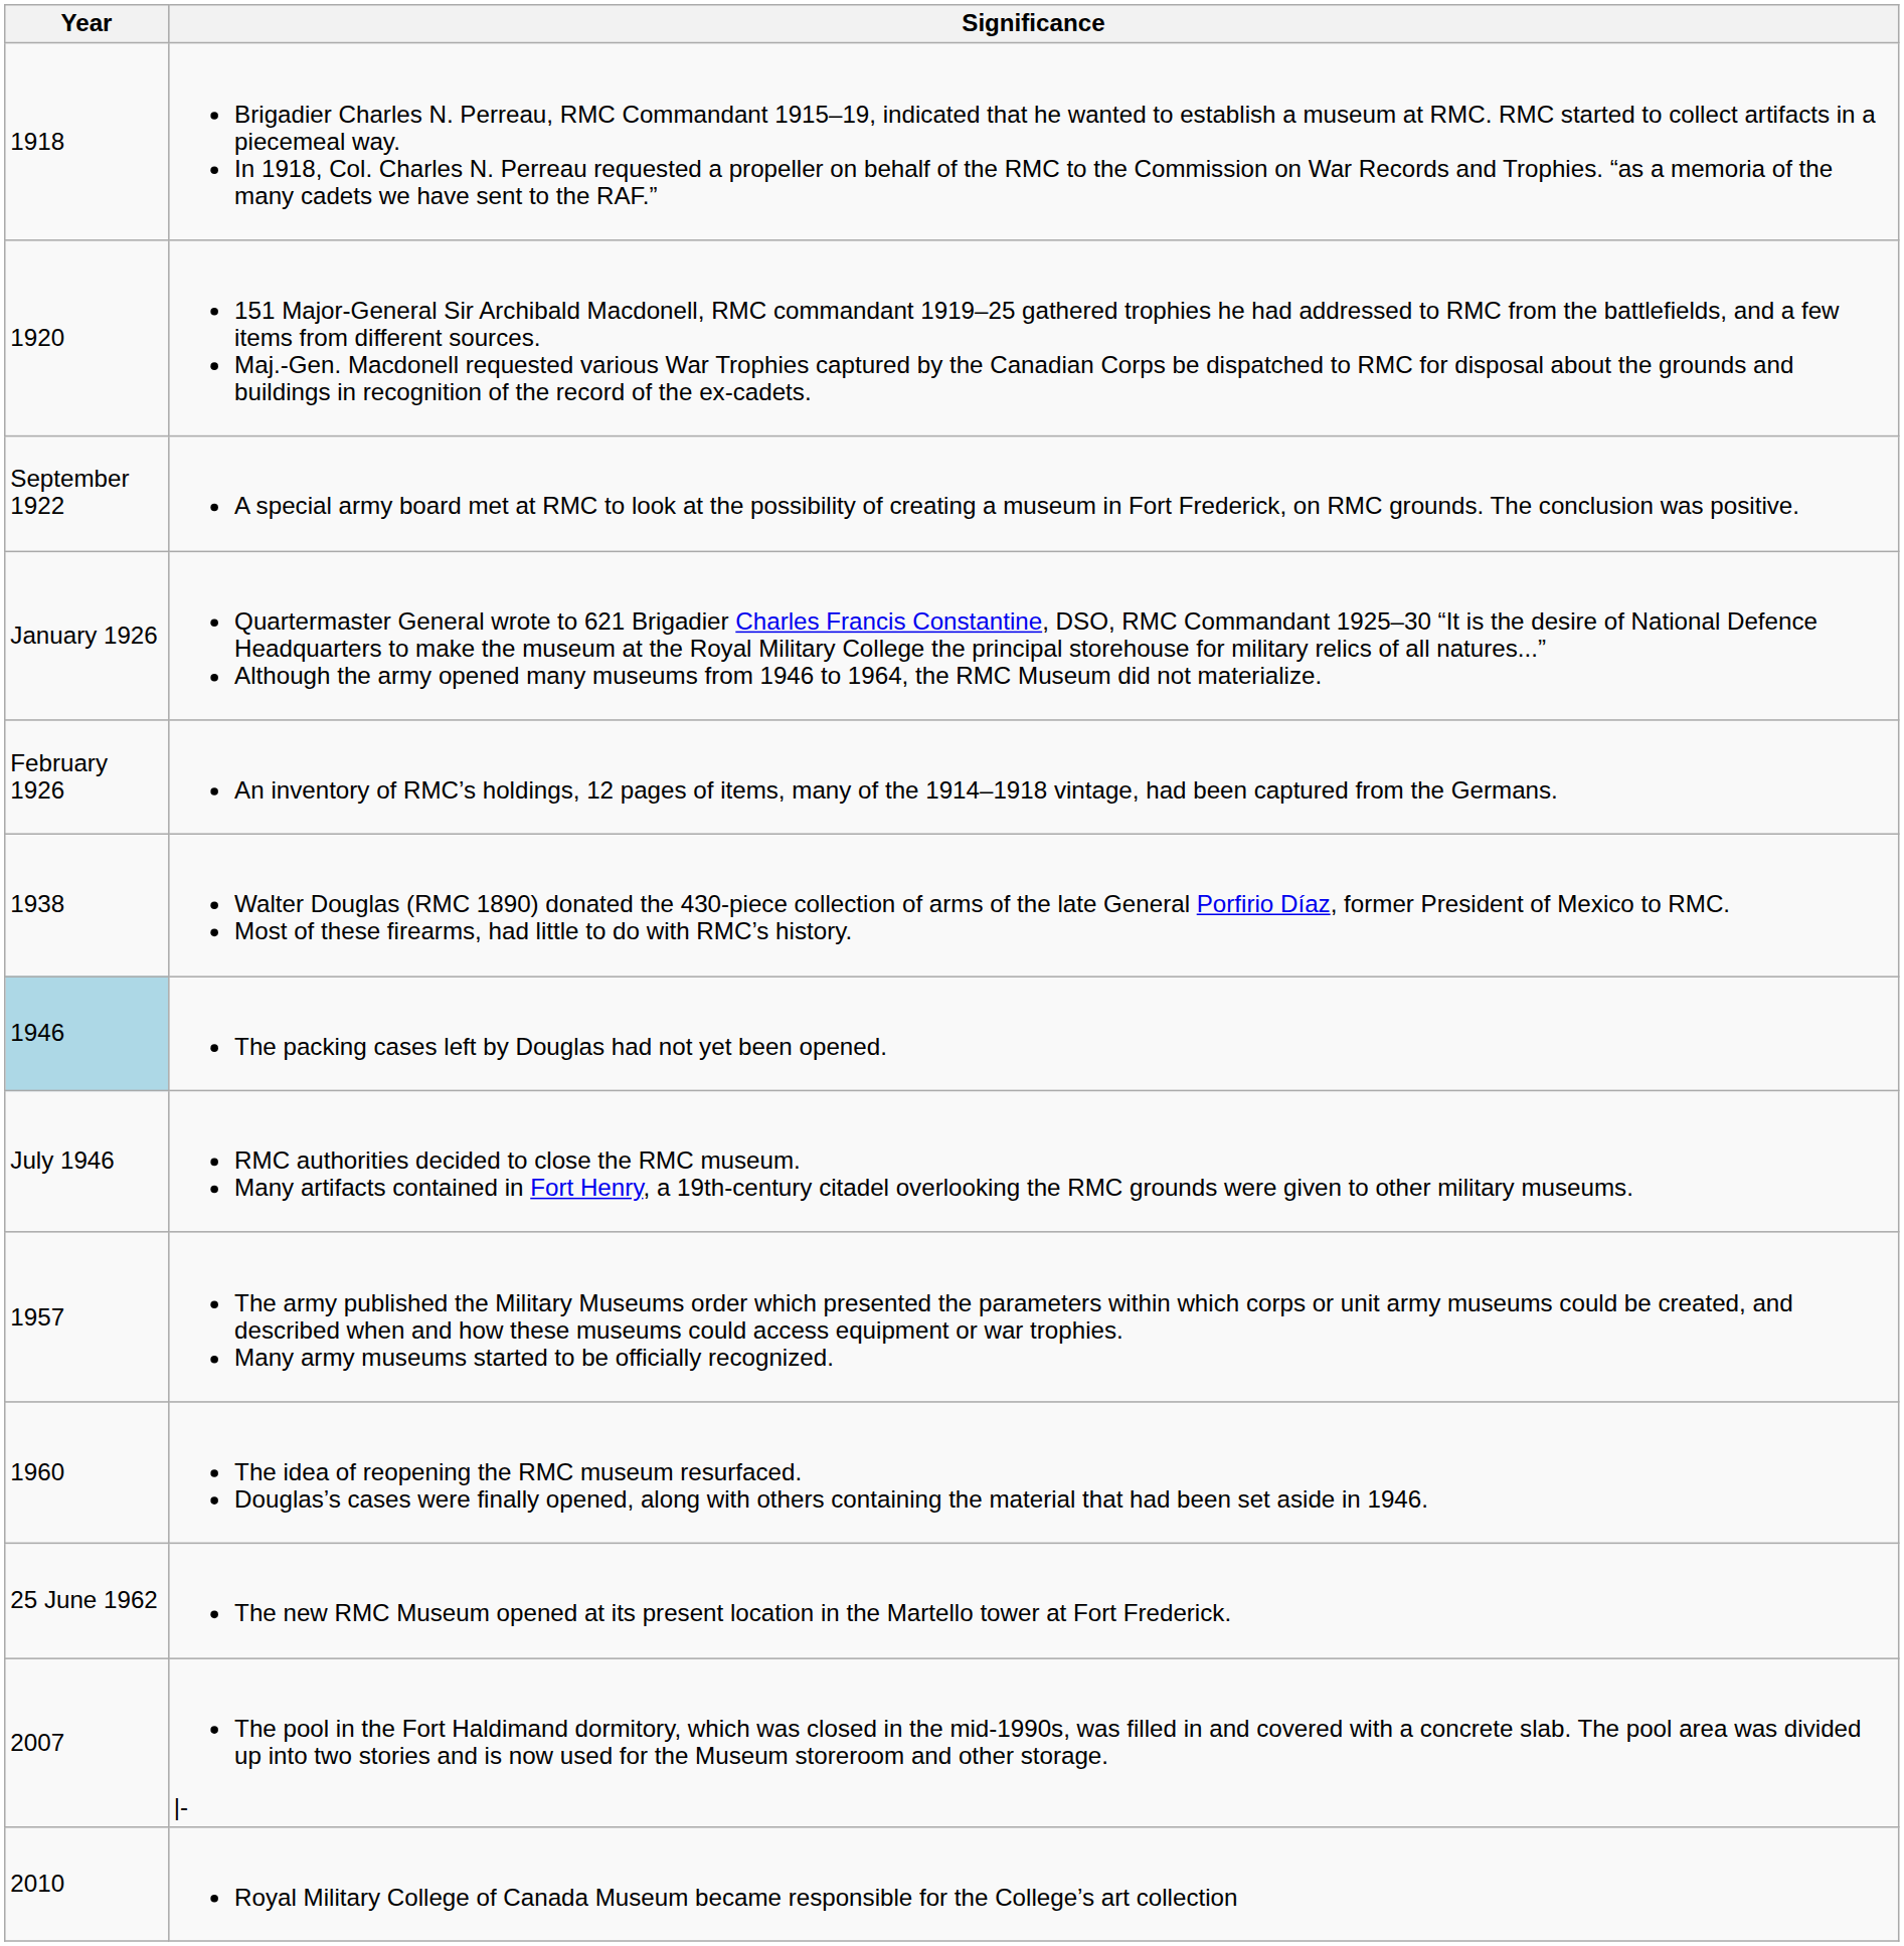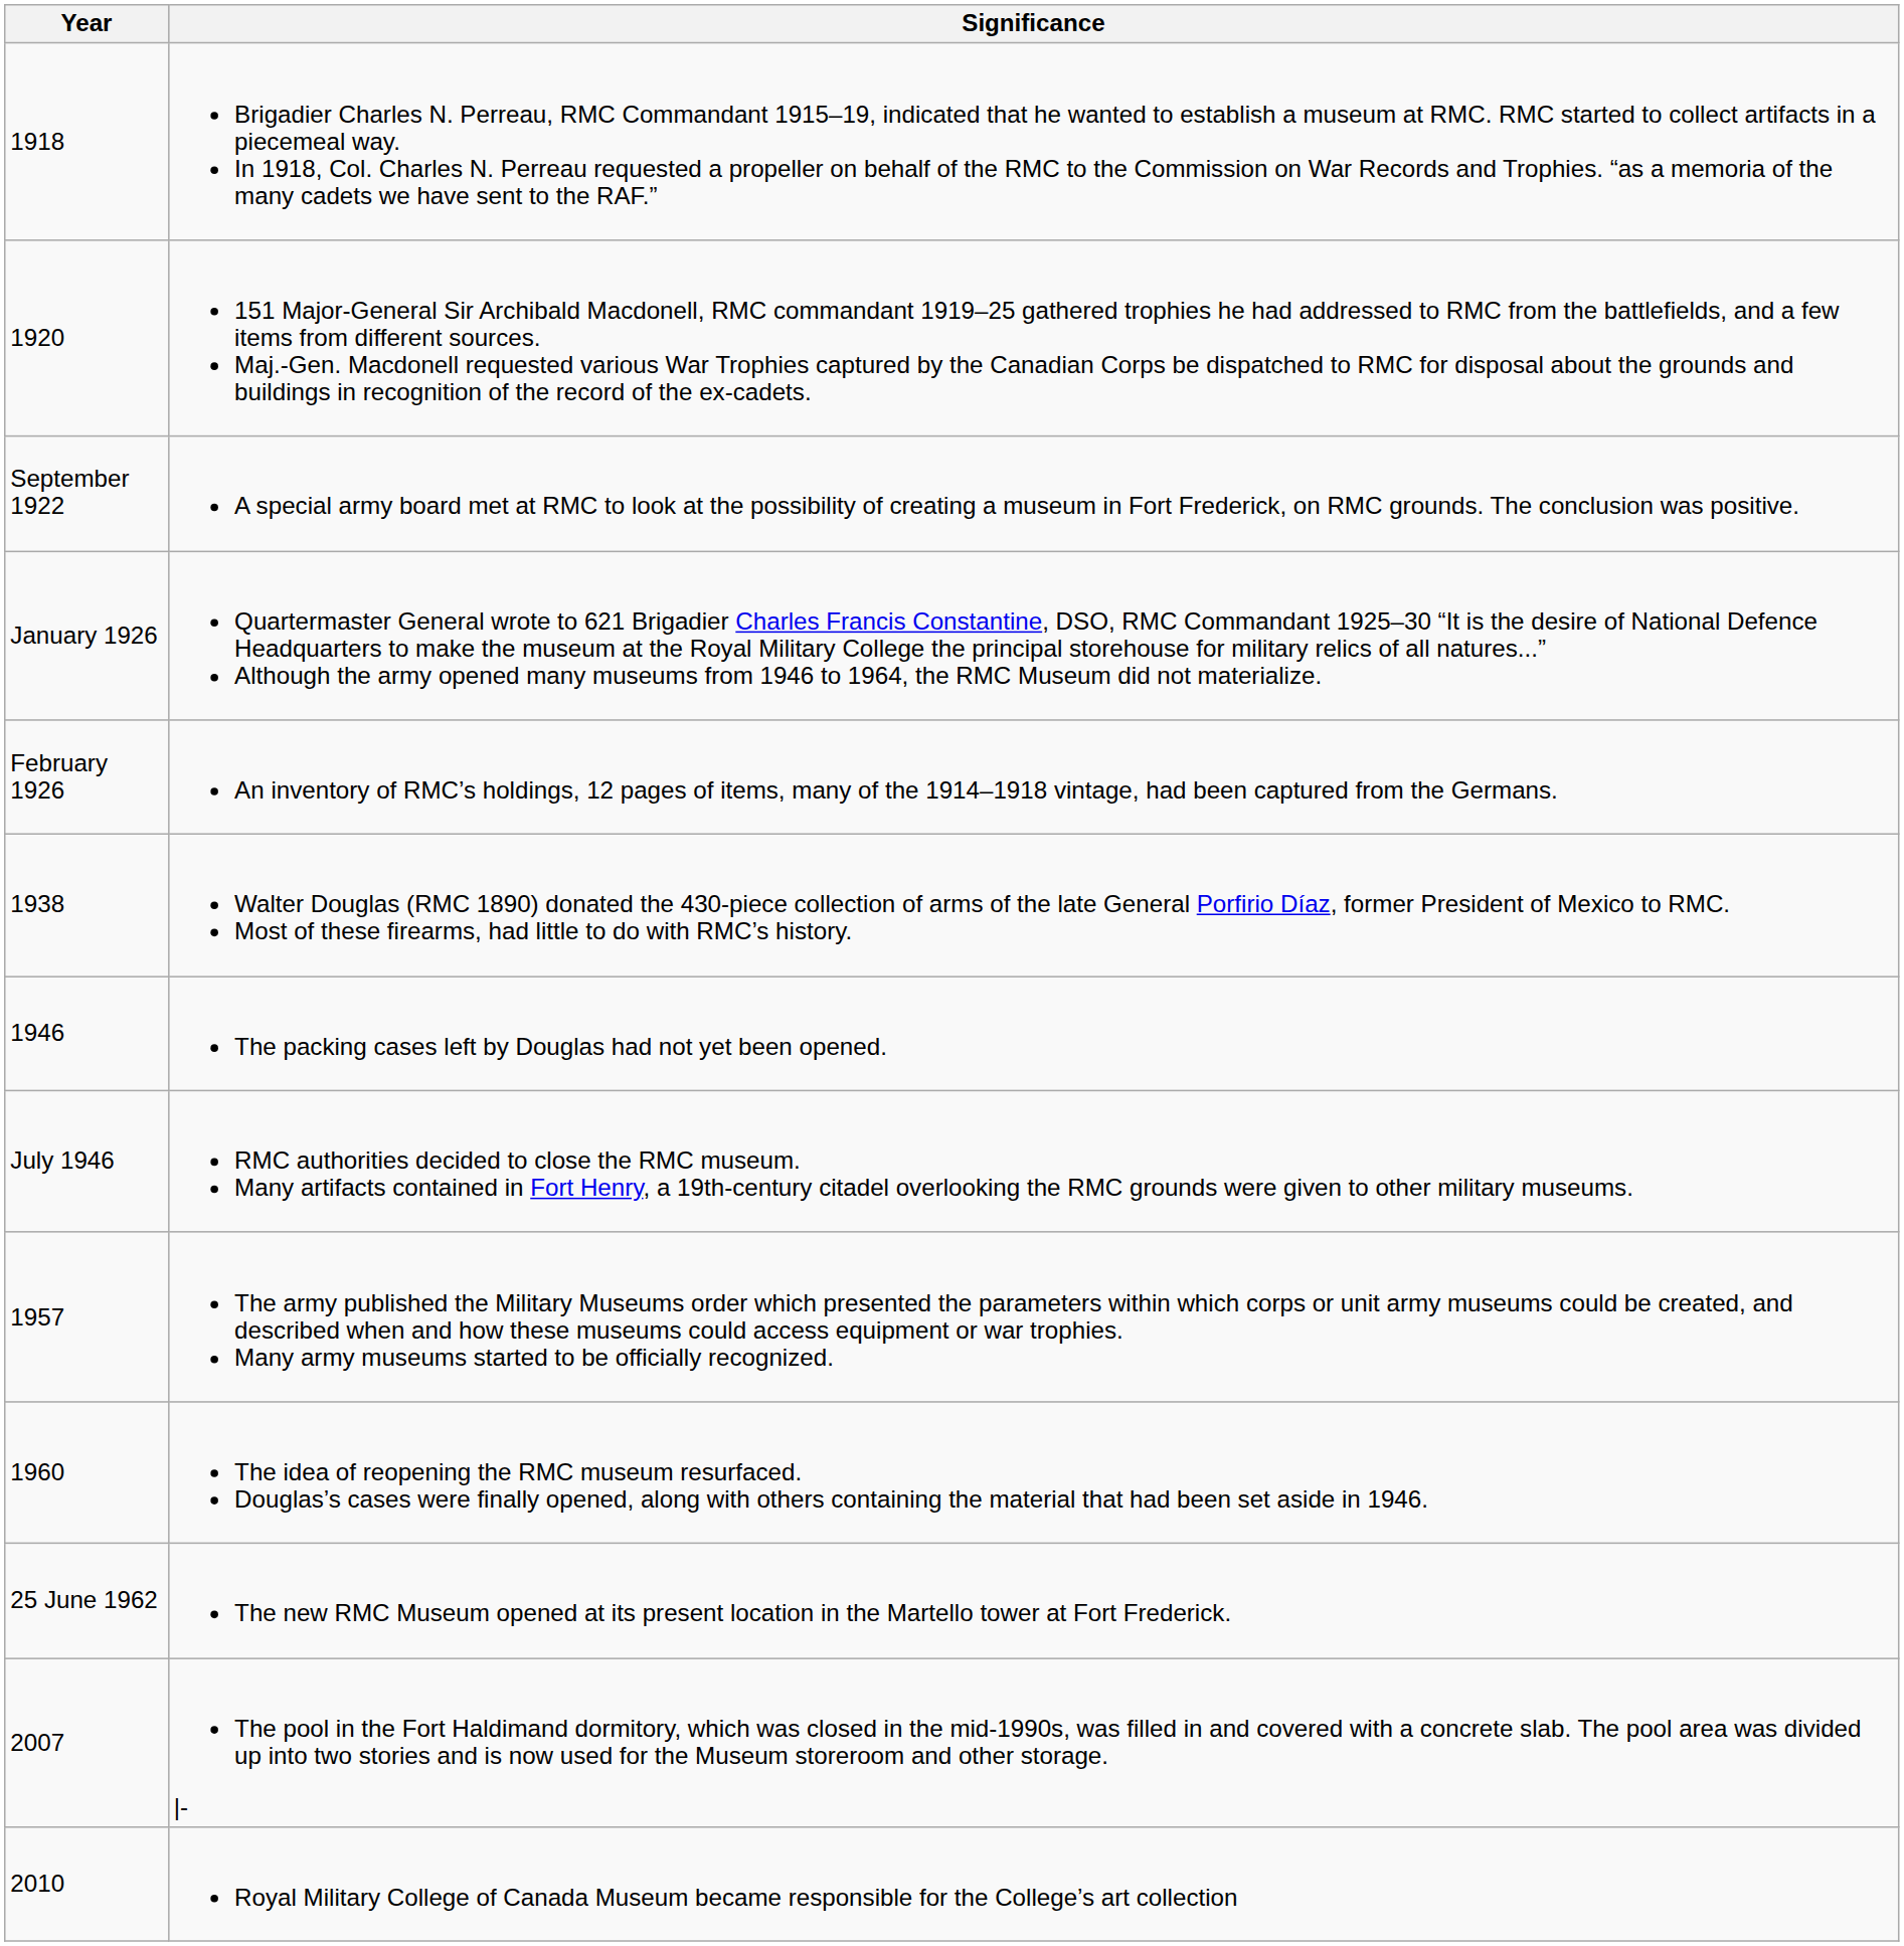 <table class="wikitable">
 <tr>
 <th>Year</th>
 <th>Significance</th>
 </tr>
 <tr>
 <td>1918</td>
 <td><br><ul><li>Brigadier Charles N. Perreau, RMC Commandant 1915–19, indicated that he wanted to establish a museum at RMC. RMC started to collect artifacts in a piecemeal way.</li><li>In 1918, Col. Charles N. Perreau requested a propeller on behalf of the RMC to the Commission on War Records and Trophies. “as a memoria of the many cadets we have sent to the RAF.”</li></ul></td>
 </tr>
 <tr>
 <td>1920</td>
 <td><br><ul><li>151 Major-General Sir Archibald Macdonell, RMC commandant 1919–25 gathered trophies he had addressed to RMC from the battlefields, and a few items from different sources.</li><li>Maj.-Gen. Macdonell requested various War Trophies captured by the Canadian Corps be dispatched to RMC for disposal about the grounds and buildings in recognition of the record of the ex-cadets.</li></ul></td>
 </tr>
 <tr>
 <td>September 1922</td>
 <td><br><ul><li>A special army board met at RMC to look at the possibility of creating a museum in Fort Frederick, on RMC grounds. The conclusion was positive.</li></ul></td>
 </tr>
 <tr>
 <td>January 1926</td>
 <td><br><ul><li>Quartermaster General wrote to 621 Brigadier <a href='#'>Charles Francis Constantine</a>, DSO, RMC Commandant 1925–30 “It is the desire of National Defence Headquarters to make the museum at the Royal Military College the principal storehouse for military relics of all natures...”</li><li>Although the army opened many museums from 1946 to 1964, the RMC Museum did not materialize.</li></ul></td>
 </tr>
 <tr>
 <td>February 1926</td>
 <td><br><ul><li>An inventory of RMC’s holdings, 12 pages of items, many of the 1914–1918 vintage, had been captured from the Germans.</li></ul></td>
 </tr>
 <tr>
 <td>1938</td>
 <td><br><ul><li>Walter Douglas (RMC 1890) donated the 430-piece collection of arms of the late General <a href='#'>Porfirio Díaz</a>, former President of Mexico to RMC.</li><li>Most of these firearms, had little to do with RMC’s history.</li></ul></td>
 </tr>
 <tr>
-<td style="background: lightblue;">1946</td>
+<td>1946</td>
 <td><br><ul><li>The packing cases left by Douglas had not yet been opened.</li></ul></td>
 </tr>
 <tr>
 <td>July 1946</td>
 <td><br><ul><li>RMC authorities decided to close the RMC museum.</li><li>Many artifacts contained in <a href='#'>Fort Henry</a>, a 19th-century citadel overlooking the RMC grounds were given to other military museums.</li></ul></td>
 </tr>
 <tr>
 <td>1957</td>
 <td><br><ul><li>The army published the Military Museums order which presented the parameters within which corps or unit army museums could be created, and described when and how these museums could access equipment or war trophies.</li><li>Many army museums started to be officially recognized.</li></ul></td>
 </tr>
 <tr>
 <td>1960</td>
 <td><br><ul><li>The idea of reopening the RMC museum resurfaced.</li><li>Douglas’s cases were finally opened, along with others containing the material that had been set aside in 1946.</li></ul></td>
 </tr>
 <tr>
 <td>25 June 1962</td>
 <td><br><ul><li>The new RMC Museum opened at its present location in the Martello tower at Fort Frederick.</li></ul></td>
 </tr>
 <tr>
 <td>2007</td>
 <td><br><ul><li>The pool in the Fort Haldimand dormitory, which was closed in the mid-1990s, was filled in and covered with a concrete slab. The pool area was divided up into two stories and is now used for the Museum storeroom and other storage.</li></ul>|-</td>
 </tr>
 <tr>
 <td>2010</td>
 <td><br><ul><li>Royal Military College of Canada Museum became responsible for the College’s art collection</li></ul></td>
 </tr>
 </table>
